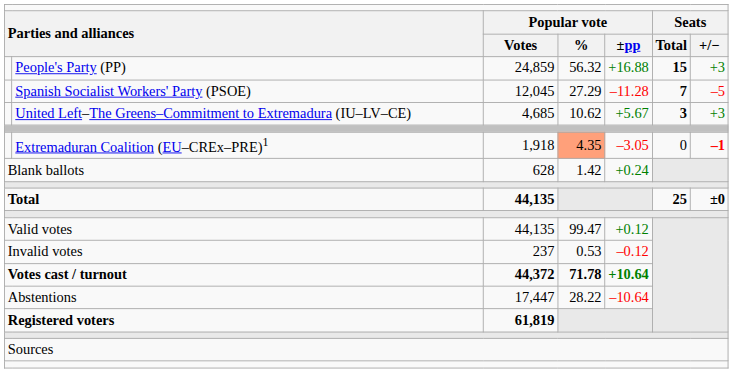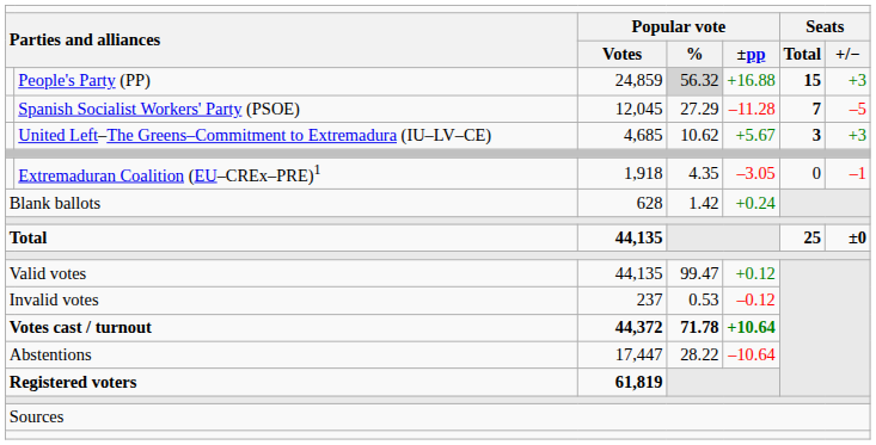 <table class="wikitable" style="text-align:right;">
 <tr>
 <td colspan="7"></td>
 </tr>
 <tr>
 <th style="text-align:left;" rowspan="2" colspan="2" width="525">Parties and alliances</th>
 <th colspan="3">Popular vote</th>
 <th colspan="2">Seats</th>
 </tr>
 <tr>
 <th width="75">Votes</th>
 <th width="45">%</th>
 <th width="45">±<a href='#'>pp</a></th>
 <th width="35">Total</th>
 <th width="35">+/−</th>
 </tr>
 <tr>
 <td width="1" style="color:inherit;background:"></td>
 <td align="left"><a href='#'>People's Party</a> (PP)</td>
 <td>24,859</td>
-<td>56.32</td>
+<td style="background: lightgrey;">56.32</td>
 <td style="color:green;">+16.88</td>
 <td><strong>15</strong></td>
 <td style="color:green;">+3</td>
 </tr>
 <tr>
 <td style="color:inherit;background:"></td>
 <td align="left"><a href='#'>Spanish Socialist Workers' Party</a> (PSOE)</td>
 <td>12,045</td>
 <td>27.29</td>
 <td style="color:red;">–11.28</td>
 <td><strong>7</strong></td>
 <td style="color:red;">–5</td>
 </tr>
 <tr>
 <td style="color:inherit;background:"></td>
 <td align="left"><a href='#'>United Left</a>–<a href='#'>The Greens–Commitment to Extremadura</a> (IU–LV–CE)</td>
 <td>4,685</td>
 <td>10.62</td>
 <td style="color:green;">+5.67</td>
 <td><strong>3</strong></td>
 <td style="color:green;">+3</td>
 </tr>
 <tr>
 <td colspan="7" bgcolor="#C0C0C0"></td>
 </tr>
 <tr>
 <td style="color:inherit;background:"></td>
 <td align="left"><a href='#'>Extremaduran Coalition</a> (<a href='#'>EU</a>–CREx–PRE)<sup>1</sup></td>
 <td>1,918</td>
-<td style="background: lightsalmon;">4.35</td>
+<td>4.35</td>
 <td style="color:red;">–3.05</td>
 <td>0</td>
-<td style="color:red;"><strong>–1</strong></td>
+<td style="color:red;">–1</td>
 </tr>
 <tr>
 <td align="left" colspan="2">Blank ballots</td>
 <td>628</td>
 <td>1.42</td>
 <td style="color:green;">+0.24</td>
 <td bgcolor="#E9E9E9" colspan="2"></td>
 </tr>
 <tr>
 <td colspan="7" bgcolor="#E9E9E9"></td>
 </tr>
 <tr style="font-weight:bold;">
 <td align="left" colspan="2">Total</td>
 <td>44,135</td>
 <td bgcolor="#E9E9E9" colspan="2"></td>
 <td>25</td>
 <td>±0</td>
 </tr>
 <tr>
 <td colspan="7" bgcolor="#E9E9E9"></td>
 </tr>
 <tr>
 <td align="left" colspan="2">Valid votes</td>
 <td>44,135</td>
 <td>99.47</td>
 <td style="color:green;">+0.12</td>
 <td bgcolor="#E9E9E9" colspan="2" rowspan="5"></td>
 </tr>
 <tr>
 <td align="left" colspan="2">Invalid votes</td>
 <td>237</td>
 <td>0.53</td>
 <td style="color:red;">–0.12</td>
 </tr>
 <tr style="font-weight:bold;">
 <td align="left" colspan="2">Votes cast / turnout</td>
 <td>44,372</td>
 <td>71.78</td>
 <td style="color:green;">+10.64</td>
 </tr>
 <tr>
 <td align="left" colspan="2">Abstentions</td>
 <td>17,447</td>
 <td>28.22</td>
 <td style="color:red;">–10.64</td>
 </tr>
 <tr style="font-weight:bold;">
 <td align="left" colspan="2">Registered voters</td>
 <td>61,819</td>
 <td bgcolor="#E9E9E9" colspan="2"></td>
 </tr>
 <tr>
 <td colspan="7" bgcolor="#E9E9E9"></td>
 </tr>
 <tr>
 <td align="left" colspan="7">Sources</td>
 </tr>
 <tr>
 <td colspan="7" style="text-align:left; max-width:790px;"></td>
 </tr>
 </table>
